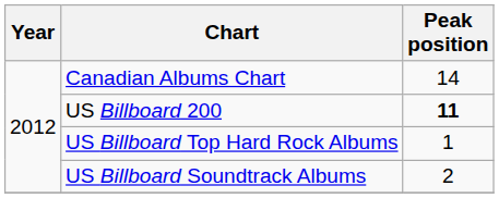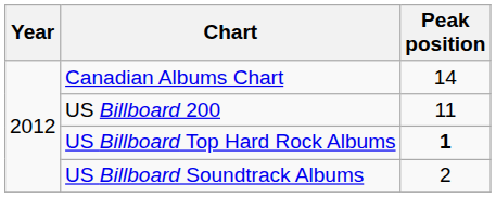 <table class="wikitable sortable">
 <tr>
 <th align="left">Year</th>
 <th align="left">Chart</th>
 <th style="text-align:center;">Peak<br>position</th>
 </tr>
 <tr>
 <td rowspan="4" align="left">2012</td>
 <td align="left"><a href='#'>Canadian Albums Chart</a></td>
 <td style="text-align:center;">14</td>
 </tr>
 <tr>
 <td align="left">US <a href='#'><em>Billboard</em> 200</a></td>
-<td style="text-align:center;"><strong>11</strong></td>
+<td style="text-align:center;">11</td>
 </tr>
 <tr>
 <td align="left"><a href='#'>US <em>Billboard</em> Top Hard Rock Albums</a></td>
-<td style="text-align:center;">1</td>
+<td style="text-align:center;"><strong>1</strong></td>
 </tr>
 <tr>
 <td align="left"><a href='#'>US <em>Billboard</em> Soundtrack Albums</a></td>
 <td style="text-align:center;">2</td>
 </tr>
 <tr>
 </tr>
 </table>
